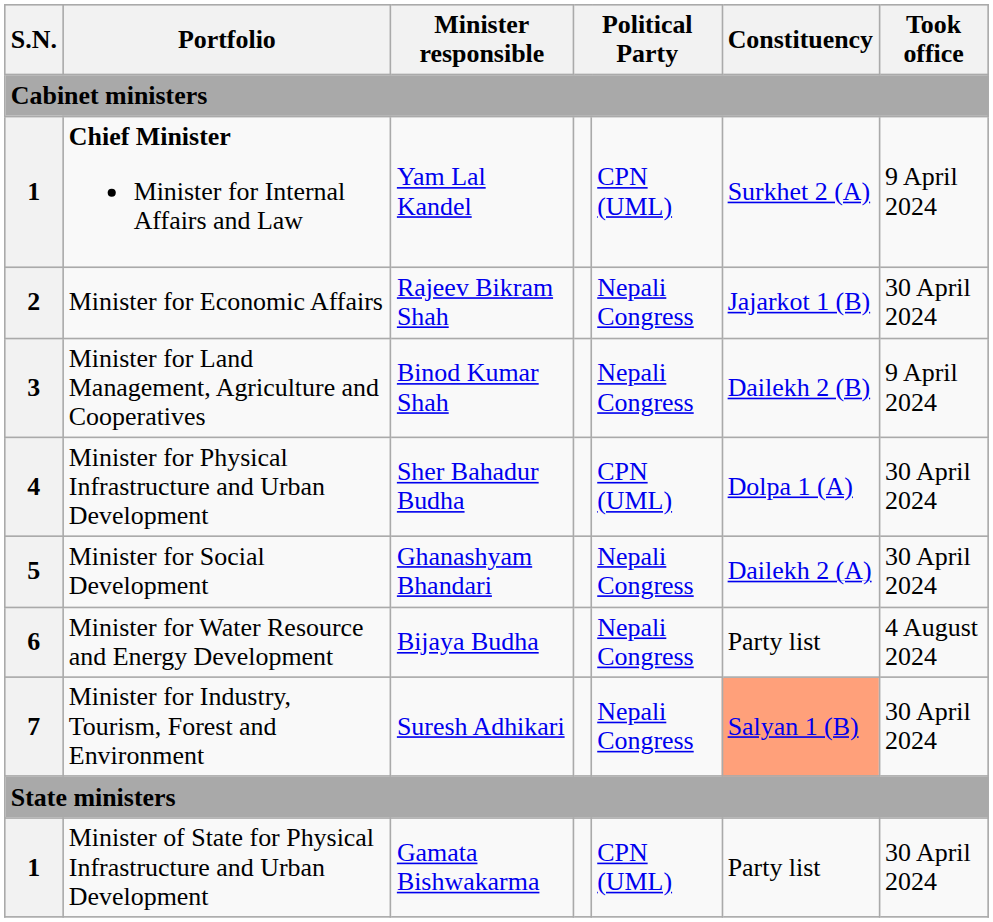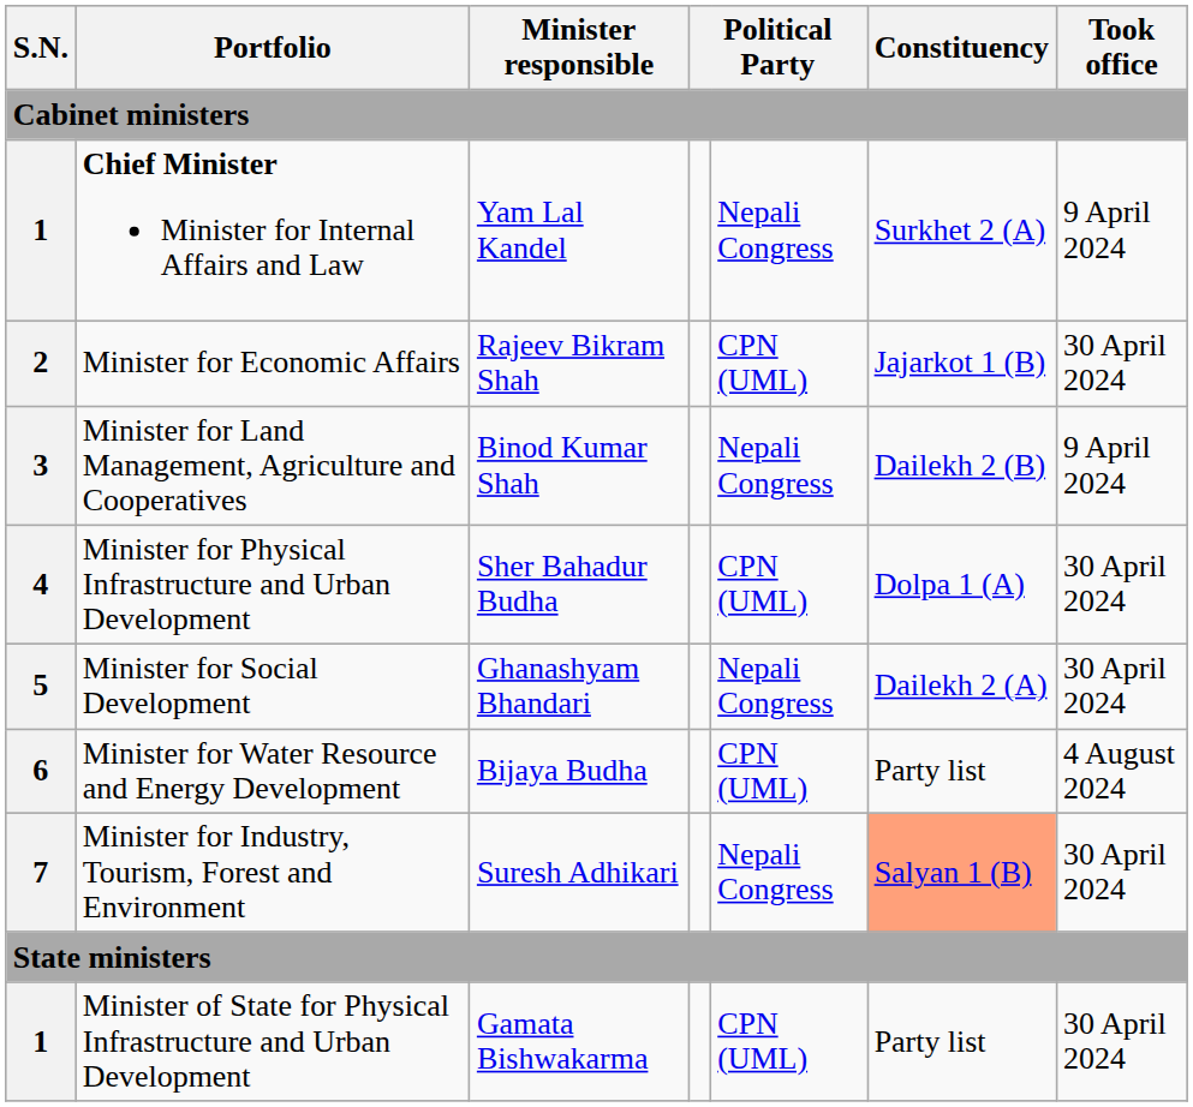 <table class="wikitable">
 <tr>
 <th>S.N.</th>
 <th>Portfolio</th>
 <th>Minister responsible</th>
 <th colspan="2">Political Party</th>
 <th>Constituency</th>
 <th>Took office</th>
 </tr>
 <tr>
 <td colspan="7" bgcolor="darkgrey"><strong>Cabinet ministers</strong></td>
 </tr>
 <tr>
 <th>1</th>
 <td><strong>Chief Minister</strong><br><ul><li>Minister for Internal Affairs and Law</li></ul></td>
 <td><a href='#'>Yam Lal Kandel</a></td>
 <td></td>
-<td><a href='#'>CPN (UML)</a></td>
+<td><a href='#'>Nepali Congress</a></td>
 <td><a href='#'>Surkhet 2 (A)</a></td>
 <td>9 April 2024</td>
 </tr>
 <tr>
 <th>2</th>
 <td>Minister for Economic Affairs</td>
 <td><a href='#'>Rajeev Bikram Shah</a></td>
 <td width="4px"></td>
-<td><a href='#'>Nepali Congress</a></td>
+<td><a href='#'>CPN (UML)</a></td>
 <td><a href='#'>Jajarkot 1 (B)</a></td>
 <td>30 April 2024</td>
 </tr>
 <tr>
 <th>3</th>
 <td>Minister for Land Management, Agriculture and Cooperatives</td>
 <td><a href='#'>Binod Kumar Shah</a></td>
 <td></td>
 <td><a href='#'>Nepali Congress</a></td>
 <td><a href='#'>Dailekh 2 (B)</a></td>
 <td>9 April 2024</td>
 </tr>
 <tr>
 <th>4</th>
 <td>Minister for Physical Infrastructure and Urban Development</td>
 <td><a href='#'>Sher Bahadur Budha</a></td>
 <td></td>
 <td><a href='#'>CPN (UML)</a></td>
 <td><a href='#'>Dolpa 1 (A)</a></td>
 <td>30 April 2024</td>
 </tr>
 <tr>
 <th>5</th>
 <td>Minister for Social Development</td>
 <td><a href='#'>Ghanashyam Bhandari</a></td>
 <td width="4px"></td>
 <td><a href='#'>Nepali Congress</a></td>
 <td><a href='#'>Dailekh 2 (A)</a></td>
 <td>30 April 2024</td>
 </tr>
 <tr>
 <th>6</th>
 <td>Minister for Water Resource and Energy Development</td>
 <td><a href='#'>Bijaya Budha</a></td>
 <td width="4px"></td>
-<td><a href='#'>Nepali Congress</a></td>
+<td><a href='#'>CPN (UML)</a></td>
 <td>Party list</td>
 <td>4 August 2024</td>
 </tr>
 <tr>
 <th>7</th>
 <td>Minister for Industry, Tourism, Forest and Environment</td>
 <td><a href='#'>Suresh Adhikari</a></td>
 <td width="4px"></td>
 <td><a href='#'>Nepali Congress</a></td>
 <td style="background: lightsalmon;"><a href='#'>Salyan 1 (B)</a></td>
 <td>30 April 2024</td>
 </tr>
 <tr>
 <td colspan="7" bgcolor="darkgrey"><strong>State ministers</strong></td>
 </tr>
 <tr>
 <th>1</th>
 <td>Minister of State for Physical Infrastructure and Urban Development</td>
 <td><a href='#'>Gamata Bishwakarma</a></td>
 <td></td>
 <td><a href='#'>CPN (UML)</a></td>
 <td>Party list</td>
 <td>30 April 2024</td>
 </tr>
 </table>
